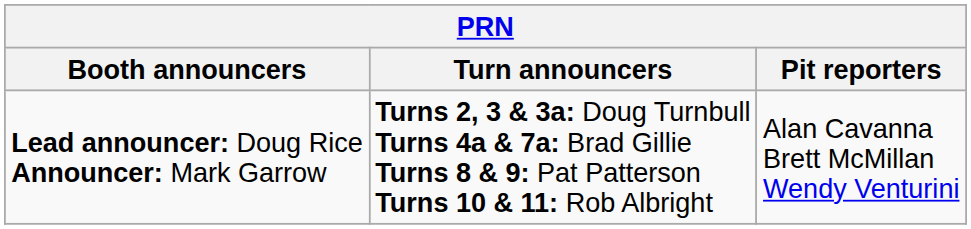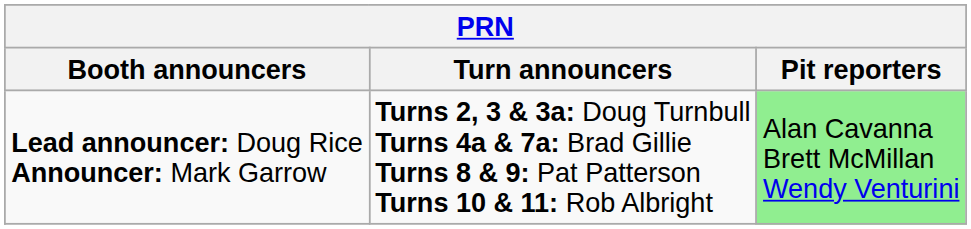 <table class="wikitable" style="font-size: 95%;">
 <tr>
 <th colspan="3"><a href='#'>PRN</a></th>
 </tr>
 <tr>
 <th>Booth announcers</th>
 <th>Turn announcers</th>
 <th>Pit reporters</th>
 </tr>
 <tr>
 <td><strong>Lead announcer:</strong> Doug Rice<br><strong>Announcer:</strong> Mark Garrow</td>
 <td><strong>Turns 2, 3 & 3a:</strong> Doug Turnbull<br><strong>Turns 4a & 7a:</strong> Brad Gillie<br><strong>Turns 8 & 9:</strong> Pat Patterson<br> <strong>Turns 10 & 11:</strong> Rob Albright</td>
-<td>Alan Cavanna<br>Brett McMillan<br><a href='#'>Wendy Venturini</a></td>
+<td style="background: lightgreen;">Alan Cavanna<br>Brett McMillan<br><a href='#'>Wendy Venturini</a></td>
 </tr>
 </table>
